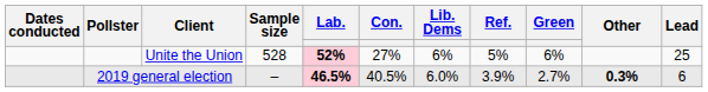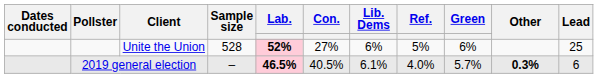 <table class="wikitable sortable mw-datatable" style="text-align:center; font-size:90%; line-height:14px;">
 <tr>
 <th rowspan="2">Dates<br>conducted</th>
 <th rowspan="2">Pollster</th>
 <th rowspan="2">Client</th>
 <th data-sort-type="number" rowspan="2">Sample<br>size</th>
 <th class="unsortable" style="width:50px;"><a href='#'>Lab.</a></th>
 <th class="unsortable" style="width:50px;"><a href='#'>Con.</a></th>
 <th class="unsortable" style="width:50px;"><a href='#'>Lib. Dems</a></th>
 <th class="unsortable" style="width:50px;"><a href='#'>Ref.</a></th>
 <th class="unsortable" style="width:50px;"><a href='#'>Green</a></th>
 <th class="unsortable" rowspan="2" style="width:75px;">Other</th>
 <th data-sort-type="number" rowspan="2">Lead</th>
 </tr>
 <tr>
 <th data-sort-type="number" style="background:"></th>
 <th data-sort-type="number" style="background:"></th>
 <th data-sort-type="number" style="background:"></th>
 <th data-sort-type="number" style="background:"></th>
 <th data-sort-type="number" style="background:"></th>
 </tr>
 <tr>
 <td></td>
 <td></td>
 <td><a href='#'>Unite the Union</a></td>
 <td>528</td>
 <td style="background:#FFCCD9;"><strong>52%</strong></td>
 <td>27%</td>
 <td>6%</td>
 <td>5%</td>
 <td>6%</td>
 <td></td>
 <td style="background:">25</td>
 </tr>
 <tr style="background:#e9e9e9;">
 <td></td>
 <td colspan="2"><a href='#'>2019 general election</a></td>
 <td>–</td>
 <td style="background:#FFCCD9;"><strong>46.5%</strong></td>
 <td>40.5%</td>
-<td>6.0%</td>
-<td>3.9%</td>
-<td>2.7%</td>
+<td>6.1%</td>
+<td>4.0%</td>
+<td>5.7%</td>
 <td><strong>0.3%</strong></td>
 <td style="background:">6</td>
 </tr>
 </table>
